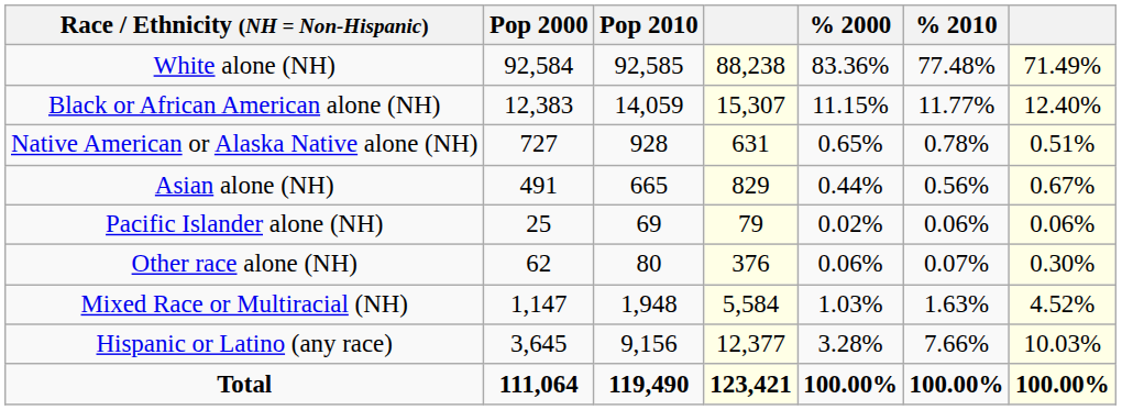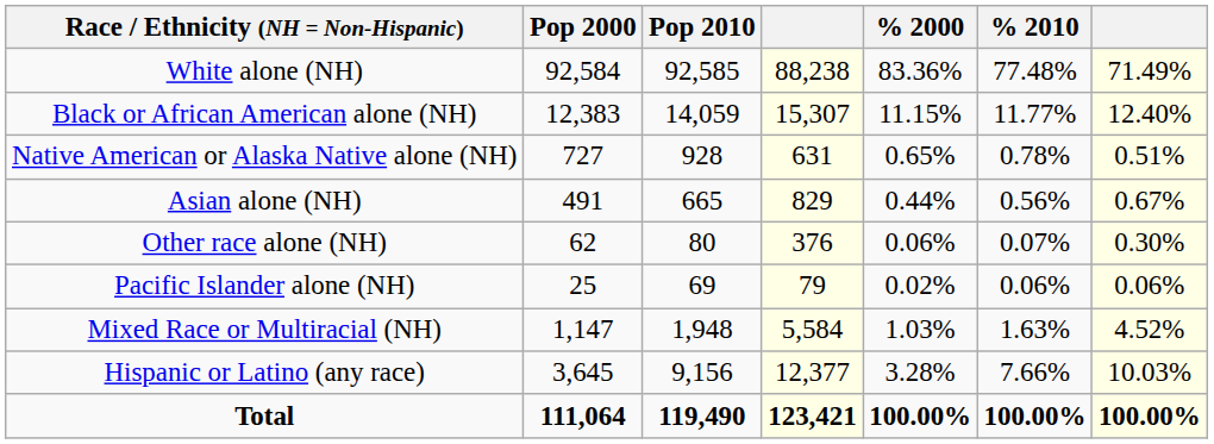 <table class="wikitable" style="text-align:center;">
 <tr>
 <th>Race / Ethnicity <small>(<em>NH = Non-Hispanic</em>)</small></th>
 <th>Pop 2000</th>
 <th>Pop 2010</th>
 <th></th>
 <th>% 2000</th>
 <th>% 2010</th>
 <th></th>
 </tr>
 <tr>
 <td><a href='#'>White</a> alone (NH)</td>
 <td>92,584</td>
 <td>92,585</td>
 <td style='background: #ffffe6;'>88,238</td>
 <td>83.36%</td>
 <td>77.48%</td>
 <td style='background: #ffffe6;'>71.49%</td>
 </tr>
 <tr>
 <td><a href='#'>Black or African American</a> alone (NH)</td>
 <td>12,383</td>
 <td>14,059</td>
 <td style='background: #ffffe6;'>15,307</td>
 <td>11.15%</td>
 <td>11.77%</td>
 <td style='background: #ffffe6;'>12.40%</td>
 </tr>
 <tr>
 <td><a href='#'>Native American</a> or <a href='#'>Alaska Native</a> alone (NH)</td>
 <td>727</td>
 <td>928</td>
 <td style='background: #ffffe6;'>631</td>
 <td>0.65%</td>
 <td>0.78%</td>
 <td style='background: #ffffe6;'>0.51%</td>
 </tr>
 <tr>
 <td><a href='#'>Asian</a> alone (NH)</td>
 <td>491</td>
 <td>665</td>
 <td style='background: #ffffe6;'>829</td>
 <td>0.44%</td>
 <td>0.56%</td>
 <td style='background: #ffffe6;'>0.67%</td>
 </tr>
 <tr>
+<td><a href='#'>Other race</a> alone (NH)</td>
+<td>62</td>
+<td>80</td>
+<td style='background: #ffffe6;'>376</td>
+<td>0.06%</td>
+<td>0.07%</td>
+<td style='background: #ffffe6;'>0.30%</td>
+</tr>
+<tr>
 <td><a href='#'>Pacific Islander</a> alone (NH)</td>
 <td>25</td>
 <td>69</td>
 <td style='background: #ffffe6;'>79</td>
 <td>0.02%</td>
 <td>0.06%</td>
 <td style='background: #ffffe6;'>0.06%</td>
-</tr>
-<tr>
-<td><a href='#'>Other race</a> alone (NH)</td>
-<td>62</td>
-<td>80</td>
-<td style='background: #ffffe6;'>376</td>
-<td>0.06%</td>
-<td>0.07%</td>
-<td style='background: #ffffe6;'>0.30%</td>
 </tr>
 <tr>
 <td><a href='#'>Mixed Race or Multiracial</a> (NH)</td>
 <td>1,147</td>
 <td>1,948</td>
 <td style='background: #ffffe6;'>5,584</td>
 <td>1.03%</td>
 <td>1.63%</td>
 <td style='background: #ffffe6;'>4.52%</td>
 </tr>
 <tr>
 <td><a href='#'>Hispanic or Latino</a> (any race)</td>
 <td>3,645</td>
 <td>9,156</td>
 <td style='background: #ffffe6;'>12,377</td>
 <td>3.28%</td>
 <td>7.66%</td>
 <td style='background: #ffffe6;'>10.03%</td>
 </tr>
 <tr>
 <td><strong>Total</strong></td>
 <td><strong>111,064</strong></td>
 <td><strong>119,490</strong></td>
 <td style='background: #ffffe6;'><strong>123,421</strong></td>
 <td><strong>100.00%</strong></td>
 <td><strong>100.00%</strong></td>
 <td style='background: #ffffe6;'><strong>100.00%</strong></td>
 </tr>
 </table>
